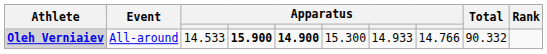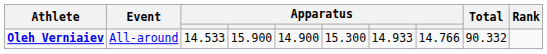 <table class="wikitable" style="font-size:90%">
 <tr>
 <th rowspan=2>Athlete</th>
 <th rowspan=2>Event</th>
 <th colspan=6>Apparatus</th>
 <th rowspan=2>Total</th>
 <th rowspan=2>Rank</th>
 </tr>
 <tr style="font-size:95%">
 <th></th>
 <th></th>
 <th></th>
 <th></th>
 <th></th>
 <th></th>
 </tr>
 <tr align=center>
-<td align=left style="background: lightgrey;"><strong><a href='#'>Oleh Verniaiev</a></strong></td>
+<td align=left><strong><a href='#'>Oleh Verniaiev</a></strong></td>
 <td align=left><a href='#'>All-around</a></td>
 <td>14.533</td>
-<td><strong>15.900</strong></td>
-<td><strong>14.900</strong></td>
+<td>15.900</td>
+<td>14.900</td>
 <td>15.300</td>
 <td>14.933</td>
 <td>14.766</td>
 <td>90.332</td>
 <td></td>
 </tr>
 </table>
